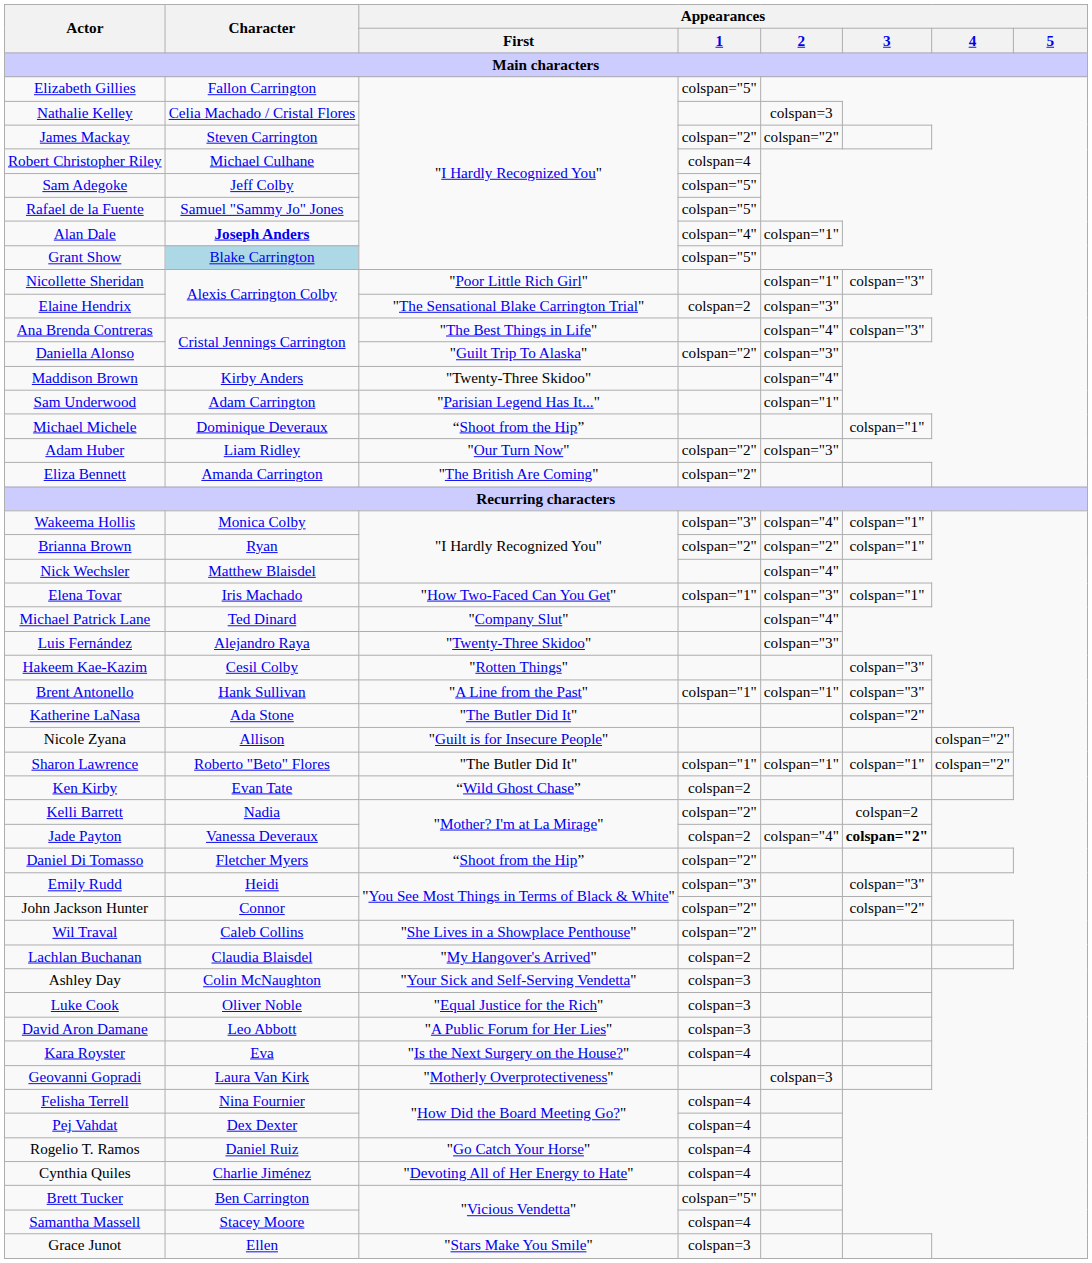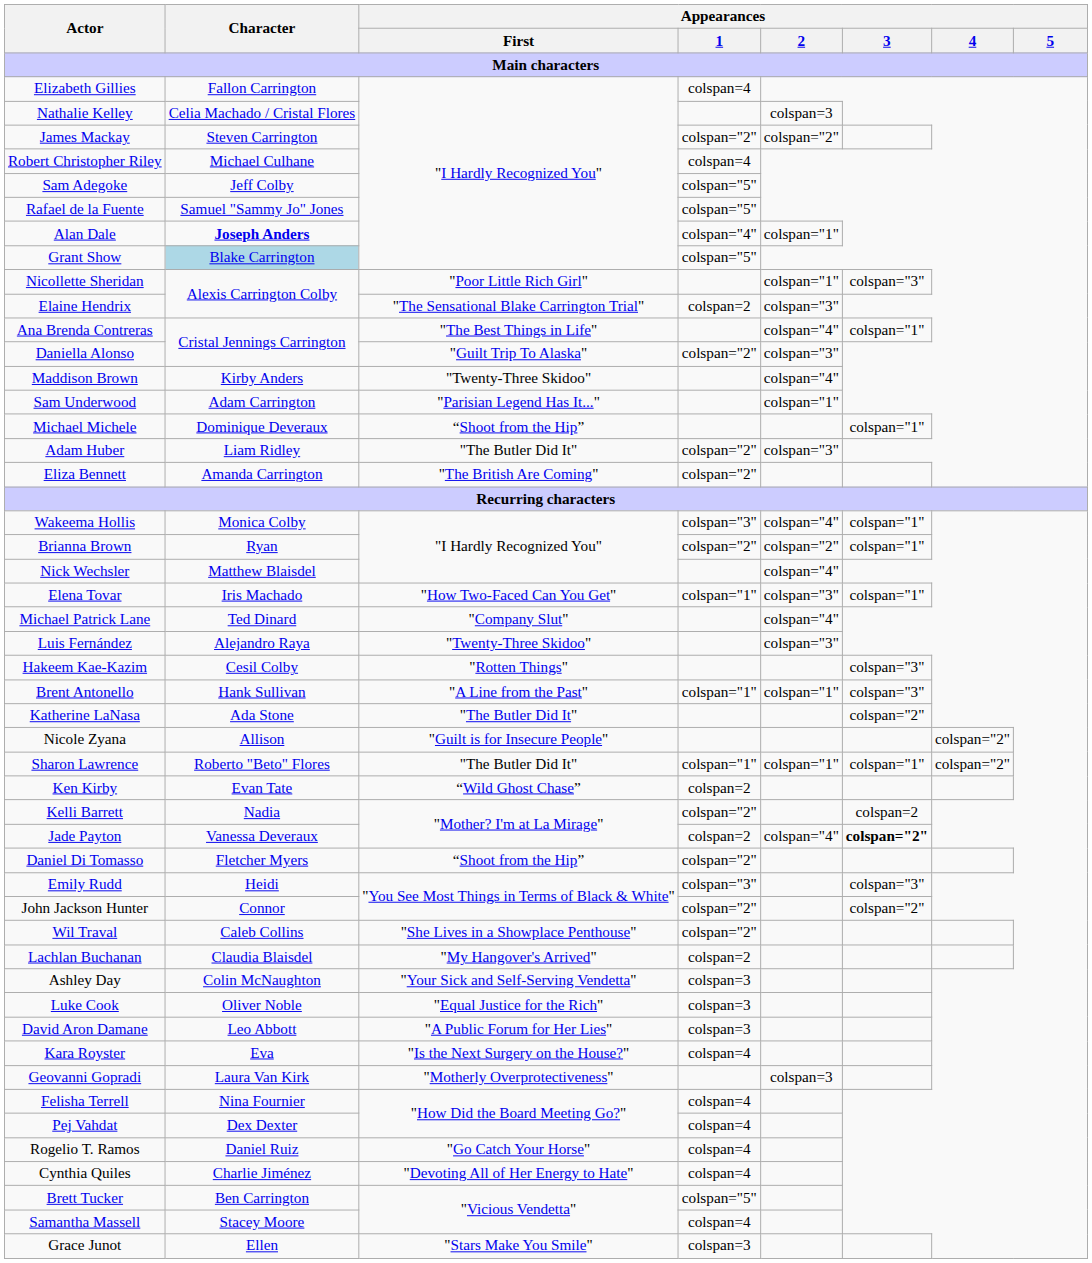 <table class="wikitable plainrowheaders" style="text-align:center;">
 <tr>
 <th scope="col" rowspan="2">Actor</th>
 <th scope="col" rowspan="2">Character</th>
 <th scope="col" colspan="6">Appearances</th>
 </tr>
 <tr>
 <th scope="col">First</th>
 <th scope="col" style="width:70px;"><a href='#'>1</a></th>
 <th scope="col" style="width:70px;"><a href='#'>2</a></th>
 <th scope="col" style="width:70px;"><a href='#'>3</a></th>
 <th scope="col" style="width:70px;"><a href='#'>4</a></th>
 <th scope="col" style="width:70px;"><a href='#'>5</a></th>
 </tr>
 <tr>
 <th colspan="8" style="background-color:#ccccff;">Main characters</th>
 </tr>
 <tr>
 <td><a href='#'>Elizabeth Gillies</a></td>
 <td><a href='#'>Fallon Carrington</a></td>
 <td rowspan="8">"<a href='#'>I Hardly Recognized You</a>"</td>
-<td>colspan="5" </td>
+<td>colspan=4 </td>
 </tr>
 <tr>
 <td><a href='#'>Nathalie Kelley</a></td>
 <td><a href='#'>Celia Machado / Cristal Flores</a></td>
 <td></td>
 <td>colspan=3 </td>
 </tr>
 <tr>
 <td><a href='#'>James Mackay</a></td>
 <td><a href='#'>Steven Carrington</a></td>
 <td>colspan="2" </td>
 <td>colspan="2" </td>
 <td></td>
 </tr>
 <tr>
 <td><a href='#'>Robert Christopher Riley</a></td>
 <td><a href='#'>Michael Culhane</a></td>
 <td>colspan=4 </td>
 </tr>
 <tr>
 <td><a href='#'>Sam Adegoke</a></td>
 <td><a href='#'>Jeff Colby</a></td>
 <td>colspan="5" </td>
 </tr>
 <tr>
 <td><a href='#'>Rafael de la Fuente</a></td>
 <td><a href='#'>Samuel "Sammy Jo" Jones</a></td>
 <td>colspan="5" </td>
 </tr>
 <tr>
 <td><a href='#'>Alan Dale</a></td>
 <td><strong><a href='#'>Joseph Anders</a></strong></td>
 <td>colspan="4" </td>
 <td>colspan="1" </td>
 </tr>
 <tr>
 <td><a href='#'>Grant Show</a></td>
 <td style="background: lightblue;"><a href='#'>Blake Carrington</a></td>
 <td>colspan="5" </td>
 </tr>
 <tr>
 <td><a href='#'>Nicollette Sheridan</a></td>
 <td rowspan="2"><a href='#'>Alexis Carrington Colby</a></td>
 <td>"<a href='#'>Poor Little Rich Girl</a>"</td>
 <td></td>
 <td>colspan="1" </td>
 <td>colspan="3" </td>
 </tr>
 <tr>
 <td><a href='#'>Elaine Hendrix</a></td>
 <td>"<a href='#'>The Sensational Blake Carrington Trial</a>"</td>
 <td>colspan=2 </td>
 <td>colspan="3" </td>
 </tr>
 <tr>
 <td><a href='#'>Ana Brenda Contreras</a></td>
 <td rowspan="2"><a href='#'>Cristal Jennings Carrington</a></td>
 <td>"<a href='#'>The Best Things in Life</a>"</td>
 <td></td>
 <td>colspan="4" </td>
-<td>colspan="3" </td>
+<td>colspan="1" </td>
 </tr>
 <tr>
 <td><a href='#'>Daniella Alonso</a></td>
 <td>"<a href='#'>Guilt Trip To Alaska</a>"</td>
 <td>colspan="2" </td>
 <td>colspan="3" </td>
 </tr>
 <tr>
 <td><a href='#'>Maddison Brown</a></td>
 <td><a href='#'>Kirby Anders</a></td>
 <td>"Twenty-Three Skidoo"</td>
 <td></td>
 <td>colspan="4" </td>
 </tr>
 <tr>
 <td><a href='#'>Sam Underwood</a></td>
 <td><a href='#'>Adam Carrington</a></td>
 <td>"<a href='#'>Parisian Legend Has It...</a>"</td>
 <td></td>
 <td>colspan="1" </td>
 </tr>
 <tr>
 <td><a href='#'>Michael Michele</a></td>
 <td><a href='#'>Dominique Deveraux</a></td>
 <td>“<a href='#'>Shoot from the Hip</a>”</td>
 <td></td>
 <td></td>
 <td>colspan="1" </td>
 </tr>
 <tr>
 <td><a href='#'>Adam Huber</a></td>
 <td><a href='#'>Liam Ridley</a></td>
-<td>"<a href='#'>Our Turn Now</a>"</td>
+<td>"The Butler Did It"</td>
 <td>colspan="2" </td>
 <td>colspan="3" </td>
 </tr>
 <tr>
 <td><a href='#'>Eliza Bennett</a></td>
 <td><a href='#'>Amanda Carrington</a></td>
 <td>"<a href='#'>The British Are Coming</a>"</td>
 <td>colspan="2" </td>
 <td></td>
 <td></td>
 </tr>
 <tr>
 <th colspan="8" style="background-color:#ccccff;">Recurring characters</th>
 </tr>
 <tr>
 <td><a href='#'>Wakeema Hollis</a></td>
 <td><a href='#'>Monica Colby</a></td>
 <td rowspan="3">"I Hardly Recognized You"</td>
 <td>colspan="3" </td>
 <td>colspan="4" </td>
 <td>colspan="1" </td>
 </tr>
 <tr>
 <td><a href='#'>Brianna Brown</a></td>
 <td><a href='#'>Ryan</a></td>
 <td>colspan="2" </td>
 <td>colspan="2" </td>
 <td>colspan="1" </td>
 </tr>
 <tr>
 <td><a href='#'>Nick Wechsler</a></td>
 <td><a href='#'>Matthew Blaisdel</a></td>
 <td></td>
 <td>colspan="4" </td>
 </tr>
 <tr>
 <td><a href='#'>Elena Tovar</a></td>
 <td><a href='#'>Iris Machado</a></td>
 <td>"<a href='#'>How Two-Faced Can You Get</a>"</td>
 <td>colspan="1" </td>
 <td>colspan="3" </td>
 <td>colspan="1" </td>
 </tr>
 <tr>
 <td><a href='#'>Michael Patrick Lane</a></td>
 <td><a href='#'>Ted Dinard</a></td>
 <td>"<a href='#'>Company Slut</a>"</td>
 <td></td>
 <td>colspan="4" </td>
 </tr>
 <tr>
 <td><a href='#'>Luis Fernández</a></td>
 <td><a href='#'>Alejandro Raya</a></td>
 <td>"<a href='#'>Twenty-Three Skidoo</a>"</td>
 <td></td>
 <td>colspan="3" </td>
 </tr>
 <tr>
 <td><a href='#'>Hakeem Kae-Kazim</a></td>
 <td><a href='#'>Cesil Colby</a></td>
 <td>"<a href='#'>Rotten Things</a>"</td>
 <td></td>
 <td></td>
 <td>colspan="3" </td>
 </tr>
 <tr>
 <td><a href='#'>Brent Antonello</a></td>
 <td><a href='#'>Hank Sullivan</a></td>
 <td>"<a href='#'>A Line from the Past</a>"</td>
 <td>colspan="1" </td>
 <td>colspan="1" </td>
 <td>colspan="3" </td>
 </tr>
 <tr>
 <td><a href='#'>Katherine LaNasa</a></td>
 <td><a href='#'>Ada Stone</a></td>
 <td>"<a href='#'>The Butler Did It</a>"</td>
 <td></td>
 <td></td>
 <td>colspan="2" </td>
 </tr>
 <tr>
 <td>Nicole Zyana</td>
 <td><a href='#'>Allison</a></td>
 <td>"<a href='#'>Guilt is for Insecure People</a>"</td>
 <td></td>
 <td></td>
 <td></td>
 <td>colspan="2" </td>
 </tr>
 <tr>
 <td><a href='#'>Sharon Lawrence</a></td>
 <td><a href='#'>Roberto "Beto" Flores</a></td>
 <td>"The Butler Did It"</td>
 <td>colspan="1" </td>
 <td>colspan="1" </td>
 <td>colspan="1" </td>
 <td>colspan="2" </td>
 </tr>
 <tr>
 <td><a href='#'>Ken Kirby</a></td>
 <td><a href='#'>Evan Tate</a></td>
 <td>“<a href='#'>Wild Ghost Chase</a>”</td>
 <td>colspan=2 </td>
 <td></td>
 <td></td>
 <td></td>
 </tr>
 <tr>
 <td><a href='#'>Kelli Barrett</a></td>
 <td><a href='#'>Nadia</a></td>
 <td rowspan= 2>"<a href='#'>Mother? I'm at La Mirage</a>"</td>
 <td>colspan="2" </td>
 <td></td>
 <td>colspan=2 </td>
 </tr>
 <tr>
 <td><a href='#'>Jade Payton</a></td>
 <td><a href='#'>Vanessa Deveraux</a></td>
 <td>colspan=2 </td>
 <td>colspan="4" </td>
 <td><strong>colspan="2" </strong></td>
 </tr>
 <tr>
 <td><a href='#'>Daniel Di Tomasso</a></td>
 <td><a href='#'>Fletcher Myers</a></td>
 <td>“<a href='#'>Shoot from the Hip</a>”</td>
 <td>colspan="2" </td>
 <td></td>
 <td></td>
 <td></td>
 </tr>
 <tr>
 <td><a href='#'>Emily Rudd</a></td>
 <td><a href='#'>Heidi</a></td>
 <td rowspan="2">"<a href='#'>You See Most Things in Terms of Black & White</a>"</td>
 <td>colspan="3" </td>
 <td></td>
 <td>colspan="3" </td>
 </tr>
 <tr>
 <td>John Jackson Hunter</td>
 <td><a href='#'>Connor</a></td>
 <td>colspan="2" </td>
 <td></td>
 <td>colspan="2" </td>
 </tr>
 <tr>
 <td><a href='#'>Wil Traval</a></td>
 <td><a href='#'>Caleb Collins</a></td>
 <td>"<a href='#'>She Lives in a Showplace Penthouse</a>"</td>
 <td>colspan="2" </td>
 <td></td>
 <td></td>
 <td></td>
 </tr>
 <tr>
 <td><a href='#'>Lachlan Buchanan</a></td>
 <td><a href='#'>Claudia Blaisdel</a></td>
 <td>"<a href='#'>My Hangover's Arrived</a>"</td>
 <td>colspan=2 </td>
 <td></td>
 <td></td>
 <td></td>
 </tr>
 <tr>
 <td>Ashley Day</td>
 <td><a href='#'>Colin McNaughton</a></td>
 <td>"<a href='#'>Your Sick and Self-Serving Vendetta</a>"</td>
 <td>colspan=3 </td>
 <td></td>
 <td></td>
 </tr>
 <tr>
 <td><a href='#'>Luke Cook</a></td>
 <td><a href='#'>Oliver Noble</a></td>
 <td>"<a href='#'>Equal Justice for the Rich</a>"</td>
 <td>colspan=3 </td>
 <td></td>
 <td></td>
 </tr>
 <tr>
 <td><a href='#'>David Aron Damane</a></td>
 <td><a href='#'>Leo Abbott</a></td>
 <td>"<a href='#'>A Public Forum for Her Lies</a>"</td>
 <td>colspan=3 </td>
 <td></td>
 <td></td>
 </tr>
 <tr>
 <td><a href='#'>Kara Royster</a></td>
 <td><a href='#'>Eva</a></td>
 <td>"<a href='#'>Is the Next Surgery on the House?</a>"</td>
 <td>colspan=4 </td>
 <td></td>
 <td></td>
 </tr>
 <tr>
 <td><a href='#'>Geovanni Gopradi</a></td>
 <td><a href='#'>Laura Van Kirk</a></td>
 <td>"<a href='#'>Motherly Overprotectiveness</a>"</td>
 <td></td>
 <td>colspan=3 </td>
 <td></td>
 </tr>
 <tr>
 <td><a href='#'>Felisha Terrell</a></td>
 <td><a href='#'>Nina Fournier</a></td>
 <td rowspan="2">"<a href='#'>How Did the Board Meeting Go?</a>"</td>
 <td>colspan=4 </td>
 <td></td>
 </tr>
 <tr>
 <td><a href='#'>Pej Vahdat</a></td>
 <td><a href='#'>Dex Dexter</a></td>
 <td>colspan=4 </td>
 <td></td>
 </tr>
 <tr>
 <td>Rogelio T. Ramos</td>
 <td><a href='#'>Daniel Ruiz</a></td>
 <td>"<a href='#'>Go Catch Your Horse</a>"</td>
 <td>colspan=4 </td>
 <td></td>
 </tr>
 <tr>
 <td>Cynthia Quiles</td>
 <td><a href='#'>Charlie Jiménez</a></td>
 <td>"<a href='#'>Devoting All of Her Energy to Hate</a>"</td>
 <td>colspan=4 </td>
 <td></td>
 </tr>
 <tr>
 <td><a href='#'>Brett Tucker</a></td>
 <td><a href='#'>Ben Carrington</a></td>
 <td rowspan="2">"<a href='#'>Vicious Vendetta</a>"</td>
 <td>colspan="5" </td>
 <td></td>
 </tr>
 <tr>
 <td><a href='#'>Samantha Massell</a></td>
 <td><a href='#'>Stacey Moore</a></td>
 <td>colspan=4 </td>
 <td></td>
 </tr>
 <tr>
 <td>Grace Junot</td>
 <td><a href='#'>Ellen</a></td>
 <td>"<a href='#'>Stars Make You Smile</a>"</td>
 <td>colspan=3 </td>
 <td></td>
 <td></td>
 </tr>
 </table>
